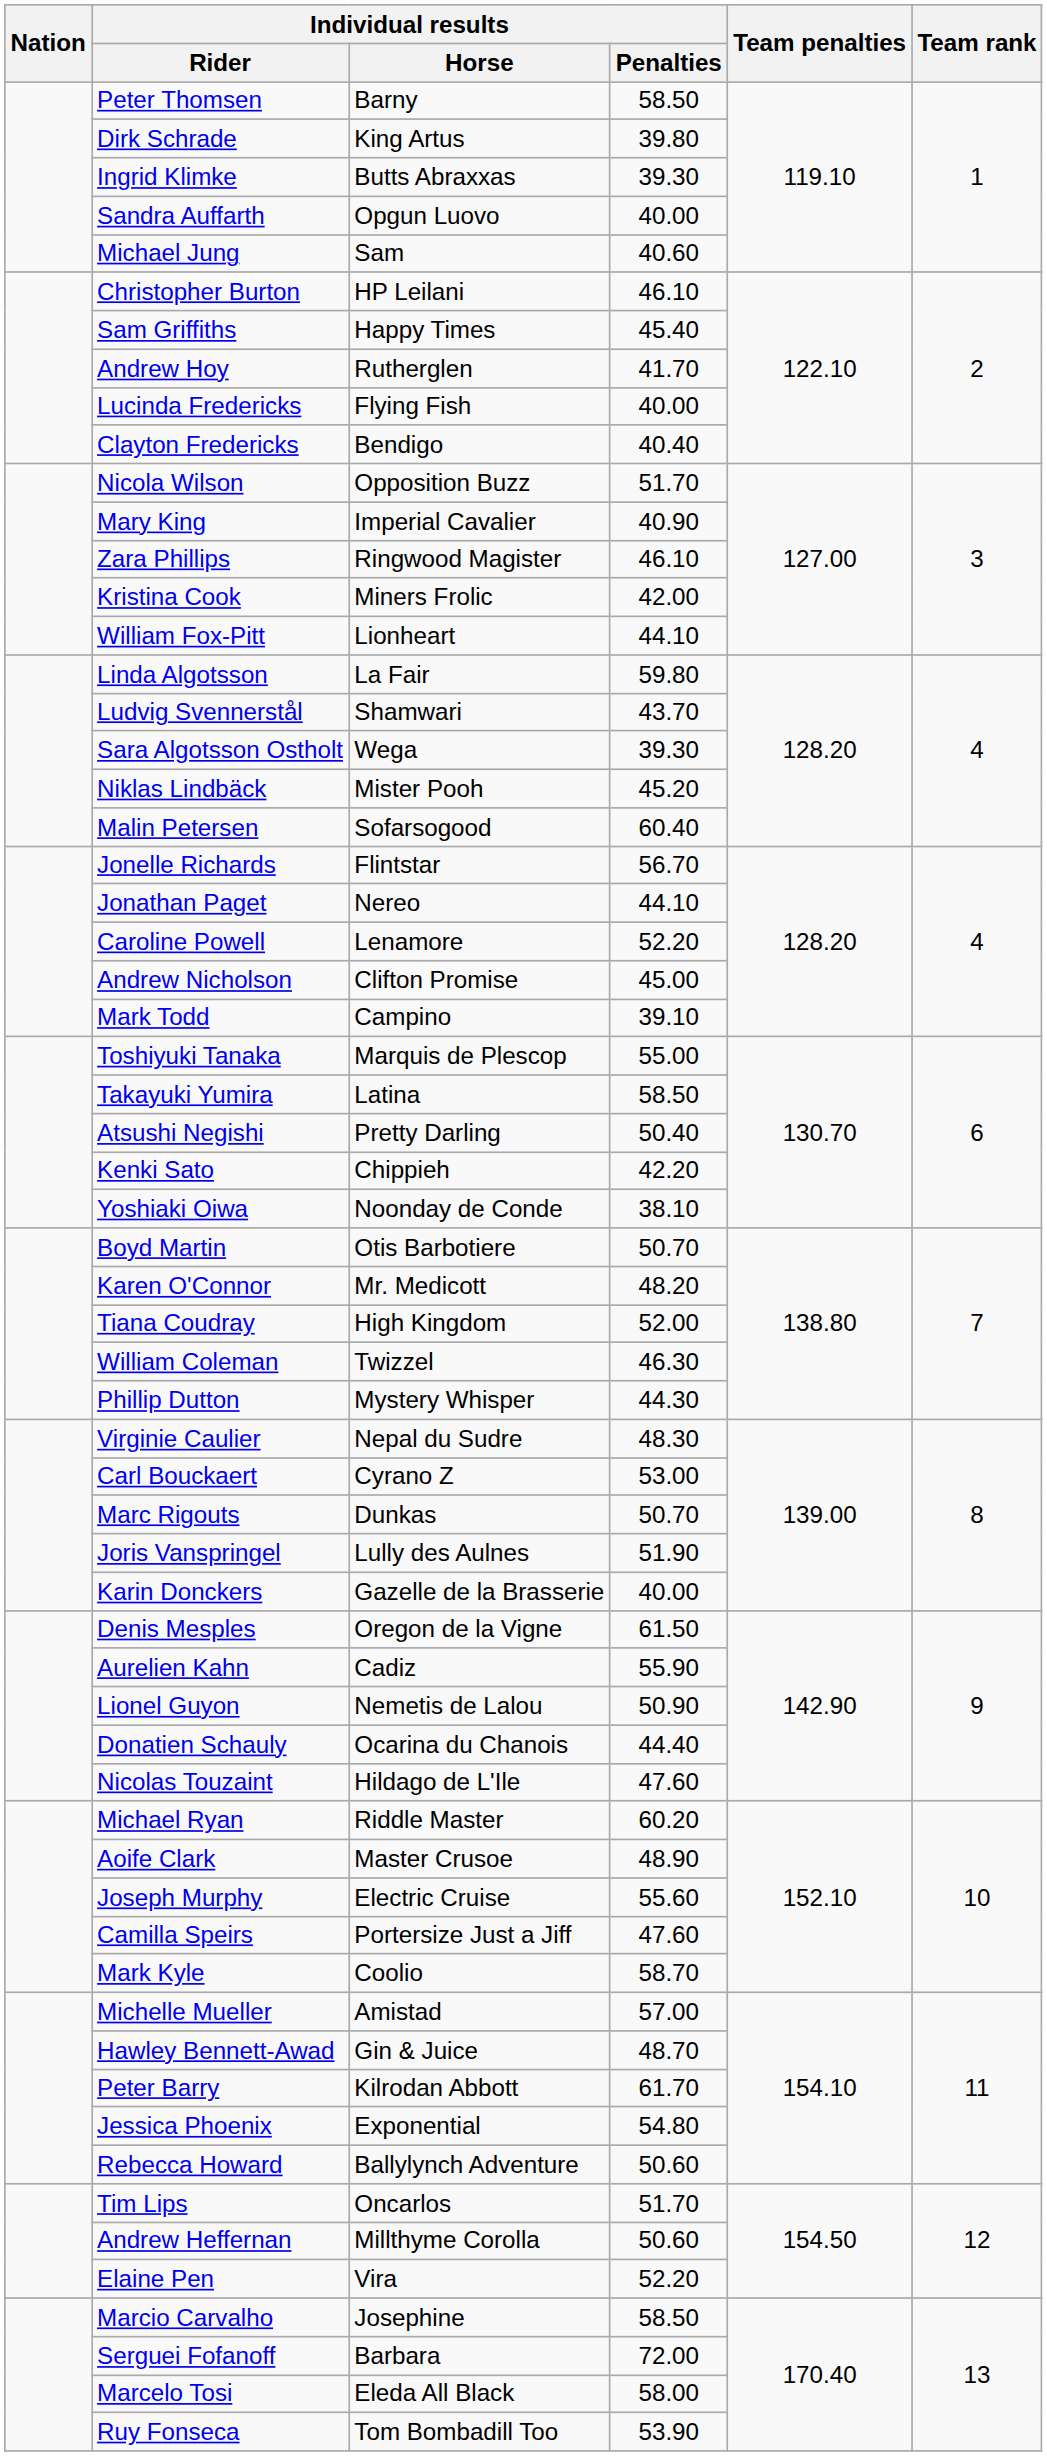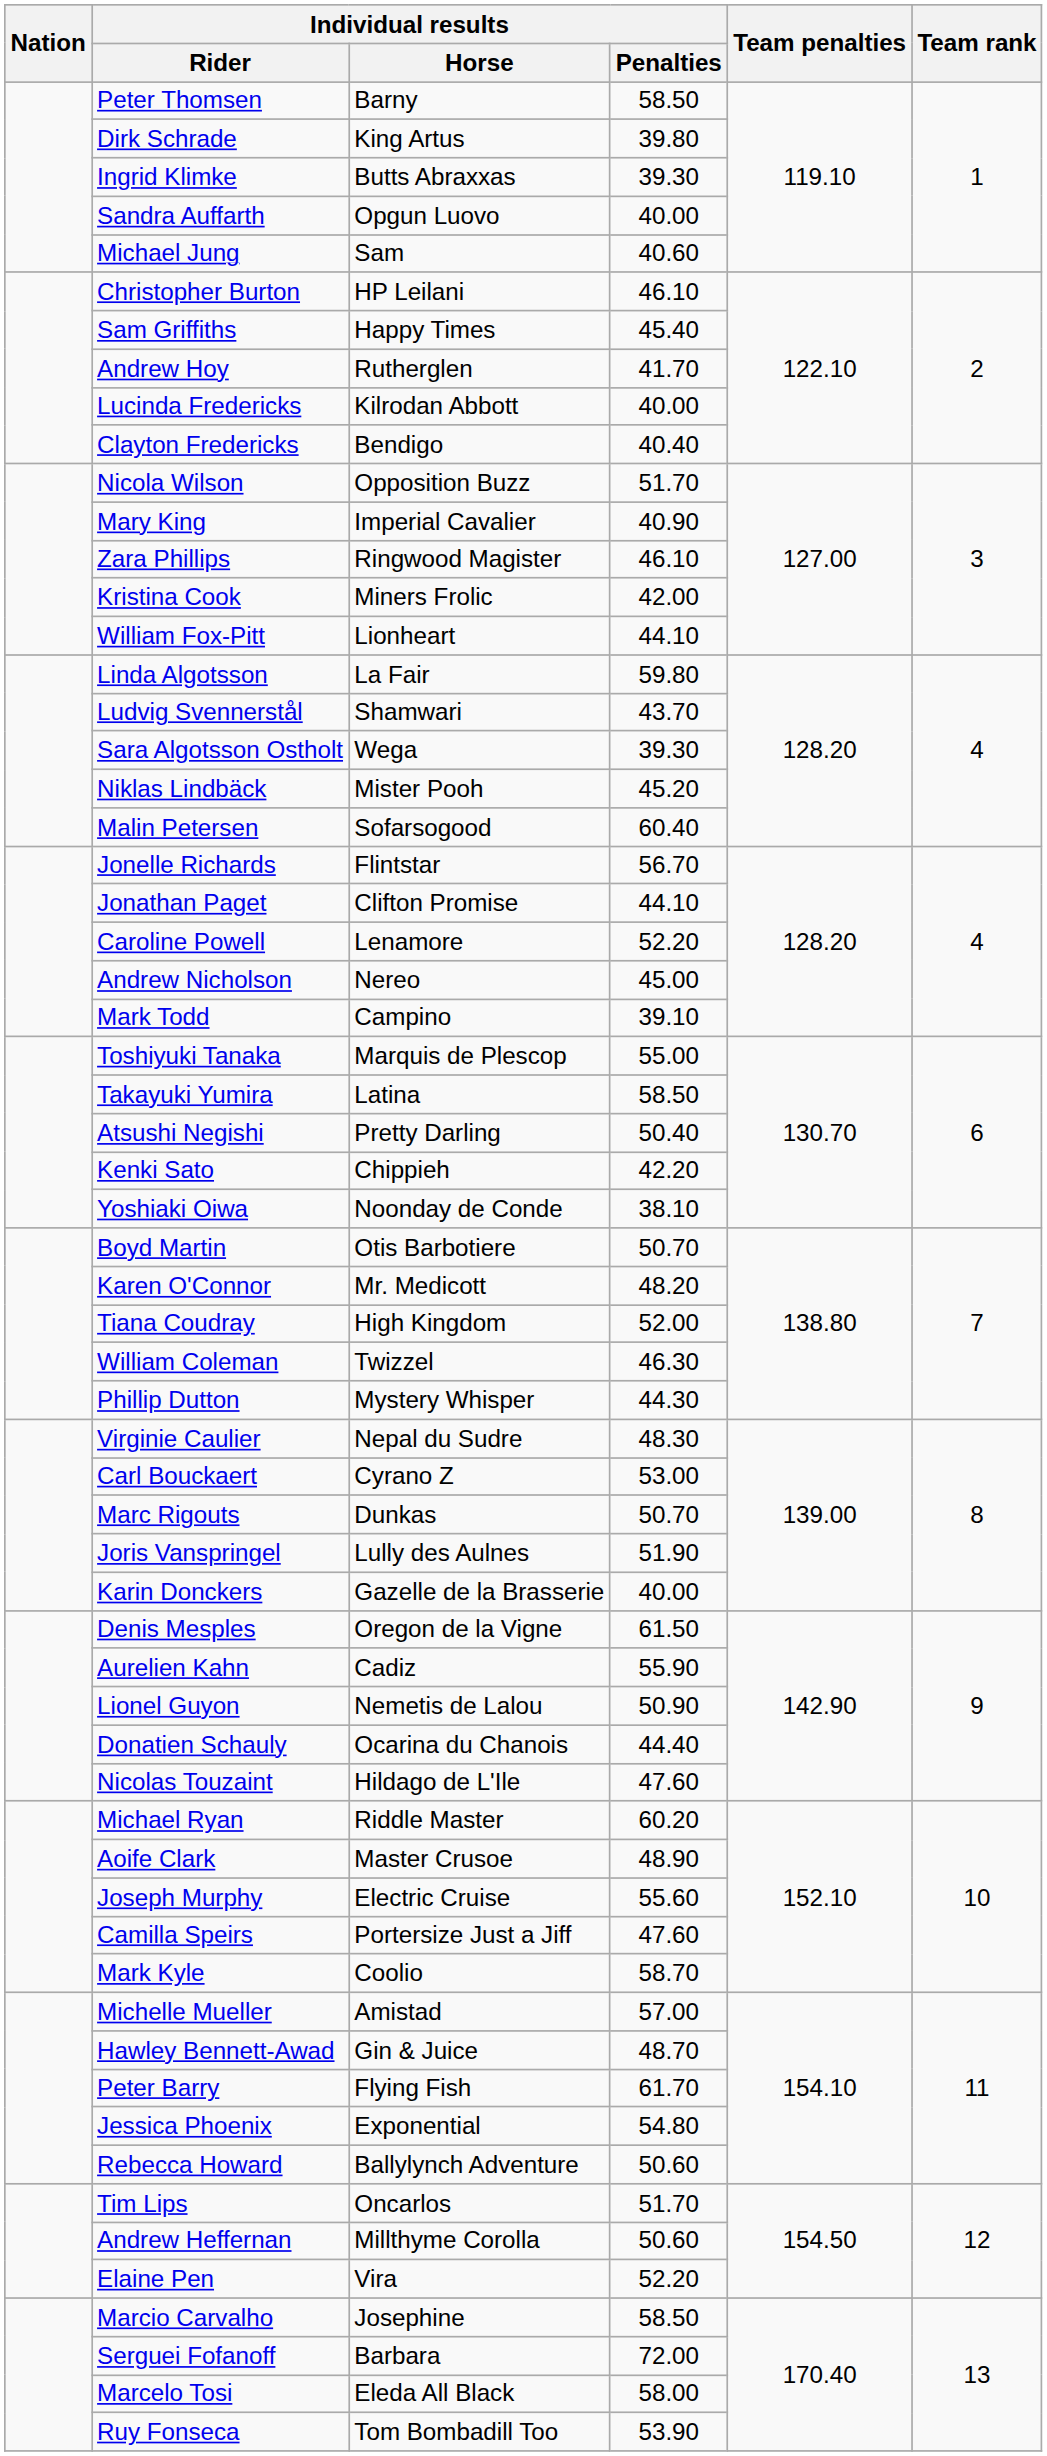 <table class="wikitable sortable" style="font-size:90%">
 <tr>
 <th rowspan="2">Nation</th>
 <th colspan="3">Individual results</th>
 <th rowspan="2">Team penalties</th>
 <th rowspan="2">Team rank</th>
 </tr>
 <tr>
 <th>Rider</th>
 <th>Horse</th>
 <th>Penalties</th>
 </tr>
 <tr>
 <td rowspan="5"></td>
 <td><a href='#'>Peter Thomsen</a></td>
 <td>Barny</td>
 <td align=center>58.50</td>
 <td align=center rowspan="5">119.10</td>
 <td align=center rowspan="5">1</td>
 </tr>
 <tr>
 <td><a href='#'>Dirk Schrade</a></td>
 <td>King Artus</td>
 <td align=center>39.80</td>
 </tr>
 <tr>
 <td><a href='#'>Ingrid Klimke</a></td>
 <td>Butts Abraxxas</td>
 <td align=center>39.30</td>
 </tr>
 <tr>
 <td><a href='#'>Sandra Auffarth</a></td>
 <td>Opgun Luovo</td>
 <td align=center>40.00</td>
 </tr>
 <tr>
 <td><a href='#'>Michael Jung</a></td>
 <td>Sam</td>
 <td align=center>40.60</td>
 </tr>
 <tr>
 <td rowspan="5"></td>
 <td><a href='#'>Christopher Burton</a></td>
 <td>HP Leilani</td>
 <td align=center>46.10</td>
 <td align=center rowspan="5">122.10</td>
 <td align=center rowspan="5">2</td>
 </tr>
 <tr>
 <td><a href='#'>Sam Griffiths</a></td>
 <td>Happy Times</td>
 <td align=center>45.40</td>
 </tr>
 <tr>
 <td><a href='#'>Andrew Hoy</a></td>
 <td>Rutherglen</td>
 <td align=center>41.70</td>
 </tr>
 <tr>
 <td><a href='#'>Lucinda Fredericks</a></td>
-<td>Flying Fish</td>
+<td>Kilrodan Abbott</td>
 <td align=center>40.00</td>
 </tr>
 <tr>
 <td><a href='#'>Clayton Fredericks</a></td>
 <td>Bendigo</td>
 <td align=center>40.40</td>
 </tr>
 <tr>
 <td rowspan="5"></td>
 <td><a href='#'>Nicola Wilson</a></td>
 <td>Opposition Buzz</td>
 <td align=center>51.70</td>
 <td align=center rowspan="5">127.00</td>
 <td align=center rowspan="5">3</td>
 </tr>
 <tr>
 <td><a href='#'>Mary King</a></td>
 <td>Imperial Cavalier</td>
 <td align=center>40.90</td>
 </tr>
 <tr>
 <td><a href='#'>Zara Phillips</a></td>
 <td>Ringwood Magister</td>
 <td align=center>46.10</td>
 </tr>
 <tr>
 <td><a href='#'>Kristina Cook</a></td>
 <td>Miners Frolic</td>
 <td align=center>42.00</td>
 </tr>
 <tr>
 <td><a href='#'>William Fox-Pitt</a></td>
 <td>Lionheart</td>
 <td align=center>44.10</td>
 </tr>
 <tr>
 <td rowspan="5"></td>
 <td><a href='#'>Linda Algotsson</a></td>
 <td>La Fair</td>
 <td align=center>59.80</td>
 <td align=center rowspan="5">128.20</td>
 <td align=center rowspan="5">4</td>
 </tr>
 <tr>
 <td><a href='#'>Ludvig Svennerstål</a></td>
 <td>Shamwari</td>
 <td align=center>43.70</td>
 </tr>
 <tr>
 <td><a href='#'>Sara Algotsson Ostholt</a></td>
 <td>Wega</td>
 <td align=center>39.30</td>
 </tr>
 <tr>
 <td><a href='#'>Niklas Lindbäck</a></td>
 <td>Mister Pooh</td>
 <td align=center>45.20</td>
 </tr>
 <tr>
 <td><a href='#'>Malin Petersen</a></td>
 <td>Sofarsogood</td>
 <td align=center>60.40</td>
 </tr>
 <tr>
 <td rowspan="5"></td>
 <td><a href='#'>Jonelle Richards</a></td>
 <td>Flintstar</td>
 <td align=center>56.70</td>
 <td align=center rowspan="5">128.20</td>
 <td align=center rowspan="5">4</td>
 </tr>
 <tr>
 <td><a href='#'>Jonathan Paget</a></td>
-<td>Nereo</td>
+<td>Clifton Promise</td>
 <td align=center>44.10</td>
 </tr>
 <tr>
 <td><a href='#'>Caroline Powell</a></td>
 <td>Lenamore</td>
 <td align=center>52.20</td>
 </tr>
 <tr>
 <td><a href='#'>Andrew Nicholson</a></td>
-<td>Clifton Promise</td>
+<td>Nereo</td>
 <td align=center>45.00</td>
 </tr>
 <tr>
 <td><a href='#'>Mark Todd</a></td>
 <td>Campino</td>
 <td align=center>39.10</td>
 </tr>
 <tr>
 <td rowspan="5"></td>
 <td><a href='#'>Toshiyuki Tanaka</a></td>
 <td>Marquis de Plescop</td>
 <td align=center>55.00</td>
 <td align=center rowspan="5">130.70</td>
 <td align=center rowspan="5">6</td>
 </tr>
 <tr>
 <td><a href='#'>Takayuki Yumira</a></td>
 <td>Latina</td>
 <td align=center>58.50</td>
 </tr>
 <tr>
 <td><a href='#'>Atsushi Negishi</a></td>
 <td>Pretty Darling</td>
 <td align=center>50.40</td>
 </tr>
 <tr>
 <td><a href='#'>Kenki Sato</a></td>
 <td>Chippieh</td>
 <td align=center>42.20</td>
 </tr>
 <tr>
 <td><a href='#'>Yoshiaki Oiwa</a></td>
 <td>Noonday de Conde</td>
 <td align=center>38.10</td>
 </tr>
 <tr>
 <td rowspan="5"></td>
 <td><a href='#'>Boyd Martin</a></td>
 <td>Otis Barbotiere</td>
 <td align=center>50.70</td>
 <td align=center rowspan="5">138.80</td>
 <td align=center rowspan="5">7</td>
 </tr>
 <tr>
 <td><a href='#'>Karen O'Connor</a></td>
 <td>Mr. Medicott</td>
 <td align=center>48.20</td>
 </tr>
 <tr>
 <td><a href='#'>Tiana Coudray</a></td>
 <td>High Kingdom</td>
 <td align=center>52.00</td>
 </tr>
 <tr>
 <td><a href='#'>William Coleman</a></td>
 <td>Twizzel</td>
 <td align=center>46.30</td>
 </tr>
 <tr>
 <td><a href='#'>Phillip Dutton</a></td>
 <td>Mystery Whisper</td>
 <td align=center>44.30</td>
 </tr>
 <tr>
 <td rowspan="5"></td>
 <td><a href='#'>Virginie Caulier</a></td>
 <td>Nepal du Sudre</td>
 <td align=center>48.30</td>
 <td align=center rowspan="5">139.00</td>
 <td align=center rowspan="5">8</td>
 </tr>
 <tr>
 <td><a href='#'>Carl Bouckaert</a></td>
 <td>Cyrano Z</td>
 <td align=center>53.00</td>
 </tr>
 <tr>
 <td><a href='#'>Marc Rigouts</a></td>
 <td>Dunkas</td>
 <td align=center>50.70</td>
 </tr>
 <tr>
 <td><a href='#'>Joris Vanspringel</a></td>
 <td>Lully des Aulnes</td>
 <td align=center>51.90</td>
 </tr>
 <tr>
 <td><a href='#'>Karin Donckers</a></td>
 <td>Gazelle de la Brasserie</td>
 <td align=center>40.00</td>
 </tr>
 <tr>
 <td rowspan="5"></td>
 <td><a href='#'>Denis Mesples</a></td>
 <td>Oregon de la Vigne</td>
 <td align=center>61.50</td>
 <td align=center rowspan="5">142.90</td>
 <td align=center rowspan="5">9</td>
 </tr>
 <tr>
 <td><a href='#'>Aurelien Kahn</a></td>
 <td>Cadiz</td>
 <td align=center>55.90</td>
 </tr>
 <tr>
 <td><a href='#'>Lionel Guyon</a></td>
 <td>Nemetis de Lalou</td>
 <td align=center>50.90</td>
 </tr>
 <tr>
 <td><a href='#'>Donatien Schauly</a></td>
 <td>Ocarina du Chanois</td>
 <td align=center>44.40</td>
 </tr>
 <tr>
 <td><a href='#'>Nicolas Touzaint</a></td>
 <td>Hildago de L'Ile</td>
 <td align=center>47.60</td>
 </tr>
 <tr>
 <td rowspan="5"></td>
 <td><a href='#'>Michael Ryan</a></td>
 <td>Riddle Master</td>
 <td align=center>60.20</td>
 <td align=center rowspan="5">152.10</td>
 <td align=center rowspan="5">10</td>
 </tr>
 <tr>
 <td><a href='#'>Aoife Clark</a></td>
 <td>Master Crusoe</td>
 <td align=center>48.90</td>
 </tr>
 <tr>
 <td><a href='#'>Joseph Murphy</a></td>
 <td>Electric Cruise</td>
 <td align=center>55.60</td>
 </tr>
 <tr>
 <td><a href='#'>Camilla Speirs</a></td>
 <td>Portersize Just a Jiff</td>
 <td align=center>47.60</td>
 </tr>
 <tr>
 <td><a href='#'>Mark Kyle</a></td>
 <td>Coolio</td>
 <td align=center>58.70</td>
 </tr>
 <tr>
 <td rowspan="5"></td>
 <td><a href='#'>Michelle Mueller</a></td>
 <td>Amistad</td>
 <td align=center>57.00</td>
 <td align=center rowspan="5">154.10</td>
 <td align=center rowspan="5">11</td>
 </tr>
 <tr>
 <td><a href='#'>Hawley Bennett-Awad</a></td>
 <td>Gin & Juice</td>
 <td align=center>48.70</td>
 </tr>
 <tr>
 <td><a href='#'>Peter Barry</a></td>
-<td>Kilrodan Abbott</td>
+<td>Flying Fish</td>
 <td align=center>61.70</td>
 </tr>
 <tr>
 <td><a href='#'>Jessica Phoenix</a></td>
 <td>Exponential</td>
 <td align=center>54.80</td>
 </tr>
 <tr>
 <td><a href='#'>Rebecca Howard</a></td>
 <td>Ballylynch Adventure</td>
 <td align=center>50.60</td>
 </tr>
 <tr>
 <td rowspan="3"></td>
 <td><a href='#'>Tim Lips</a></td>
 <td>Oncarlos</td>
 <td align=center>51.70</td>
 <td align=center rowspan="3">154.50</td>
 <td align=center rowspan="3">12</td>
 </tr>
 <tr>
 <td><a href='#'>Andrew Heffernan</a></td>
 <td>Millthyme Corolla</td>
 <td align=center>50.60</td>
 </tr>
 <tr>
 <td><a href='#'>Elaine Pen</a></td>
 <td>Vira</td>
 <td align=center>52.20</td>
 </tr>
 <tr>
 <td rowspan="4"></td>
 <td><a href='#'>Marcio Carvalho</a></td>
 <td>Josephine</td>
 <td align=center>58.50</td>
 <td align=center rowspan="4">170.40</td>
 <td align=center rowspan="4">13</td>
 </tr>
 <tr>
 <td><a href='#'>Serguei Fofanoff</a></td>
 <td>Barbara</td>
 <td align=center>72.00</td>
 </tr>
 <tr>
 <td><a href='#'>Marcelo Tosi</a></td>
 <td>Eleda All Black</td>
 <td align=center>58.00</td>
 </tr>
 <tr>
 <td><a href='#'>Ruy Fonseca</a></td>
 <td>Tom Bombadill Too</td>
 <td align=center>53.90</td>
 </tr>
 </table>
